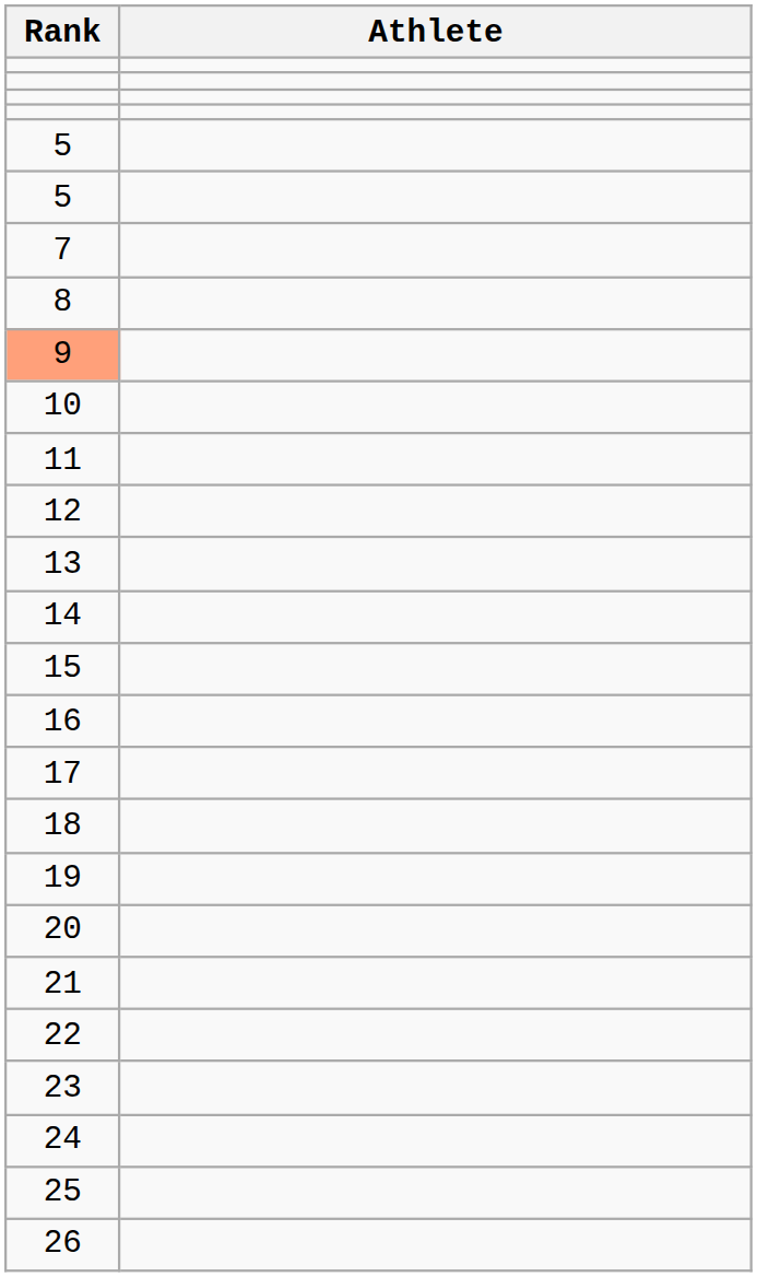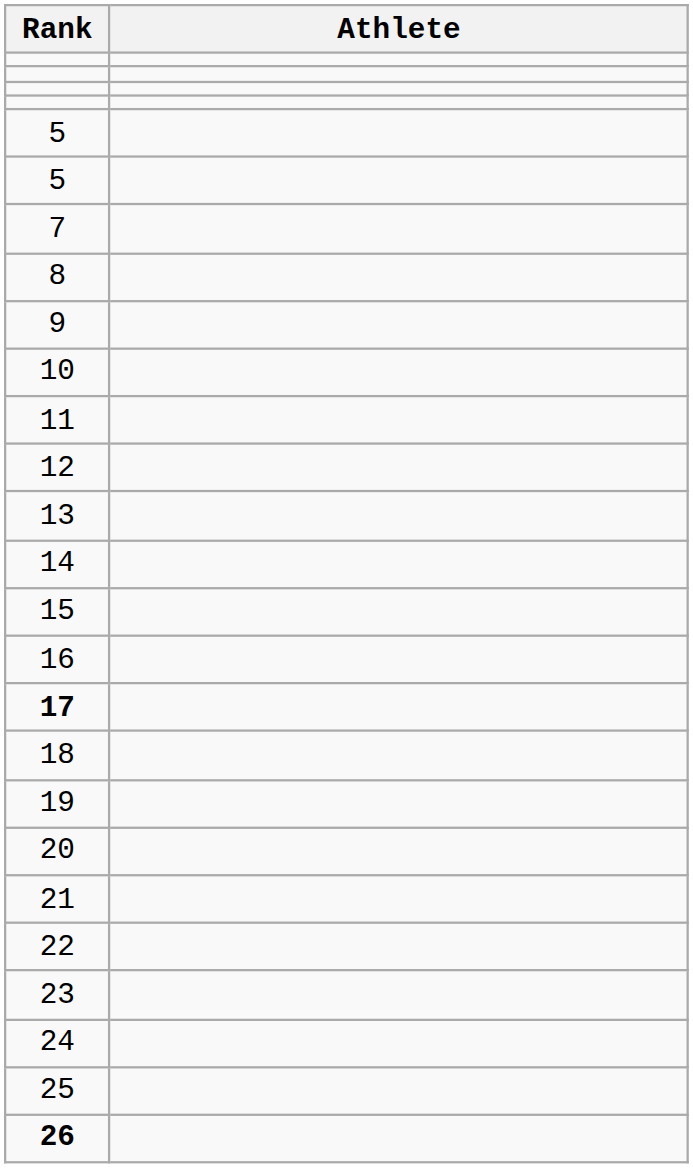 <table class="wikitable" style="text-align: center;">
 <tr>
 <th width=40>Rank</th>
 <th width=250>Athlete</th>
 </tr>
 <tr>
 <td></td>
 <td align="left"></td>
 </tr>
 <tr>
 <td></td>
 <td align="left"></td>
 </tr>
 <tr>
 <td></td>
 <td align="left"></td>
 </tr>
 <tr>
 <td></td>
 <td align="left"></td>
 </tr>
 <tr>
 <td>5</td>
 <td align="left"></td>
 </tr>
 <tr>
 <td>5</td>
 <td align="left"></td>
 </tr>
 <tr>
 <td>7</td>
 <td align="left"></td>
 </tr>
 <tr>
 <td>8</td>
 <td align="left"></td>
 </tr>
 <tr>
-<td style="background: lightsalmon;">9</td>
+<td>9</td>
 <td align="left"></td>
 </tr>
 <tr>
 <td>10</td>
 <td align="left"></td>
 </tr>
 <tr>
 <td>11</td>
 <td align="left"></td>
 </tr>
 <tr>
 <td>12</td>
 <td align="left"></td>
 </tr>
 <tr>
 <td>13</td>
 <td align="left"></td>
 </tr>
 <tr>
 <td>14</td>
 <td align="left"></td>
 </tr>
 <tr>
 <td>15</td>
 <td align="left"></td>
 </tr>
 <tr>
 <td>16</td>
 <td align="left"></td>
 </tr>
 <tr>
-<td>17</td>
+<td><strong>17</strong></td>
 <td align="left"></td>
 </tr>
 <tr>
 <td>18</td>
 <td align="left"></td>
 </tr>
 <tr>
 <td>19</td>
 <td align="left"></td>
 </tr>
 <tr>
 <td>20</td>
 <td align="left"></td>
 </tr>
 <tr>
 <td>21</td>
 <td align="left"></td>
 </tr>
 <tr>
 <td>22</td>
 <td align="left"></td>
 </tr>
 <tr>
 <td>23</td>
 <td align="left"></td>
 </tr>
 <tr>
 <td>24</td>
 <td align="left"></td>
 </tr>
 <tr>
 <td>25</td>
 <td align="left"></td>
 </tr>
 <tr>
-<td>26</td>
+<td><strong>26</strong></td>
 <td align="left"></td>
 </tr>
 </table>
